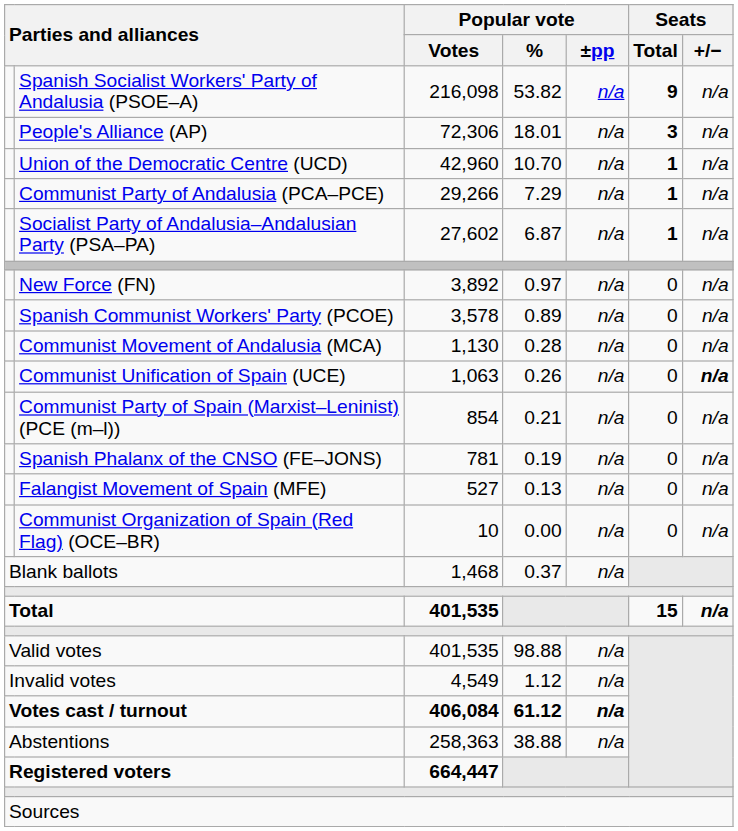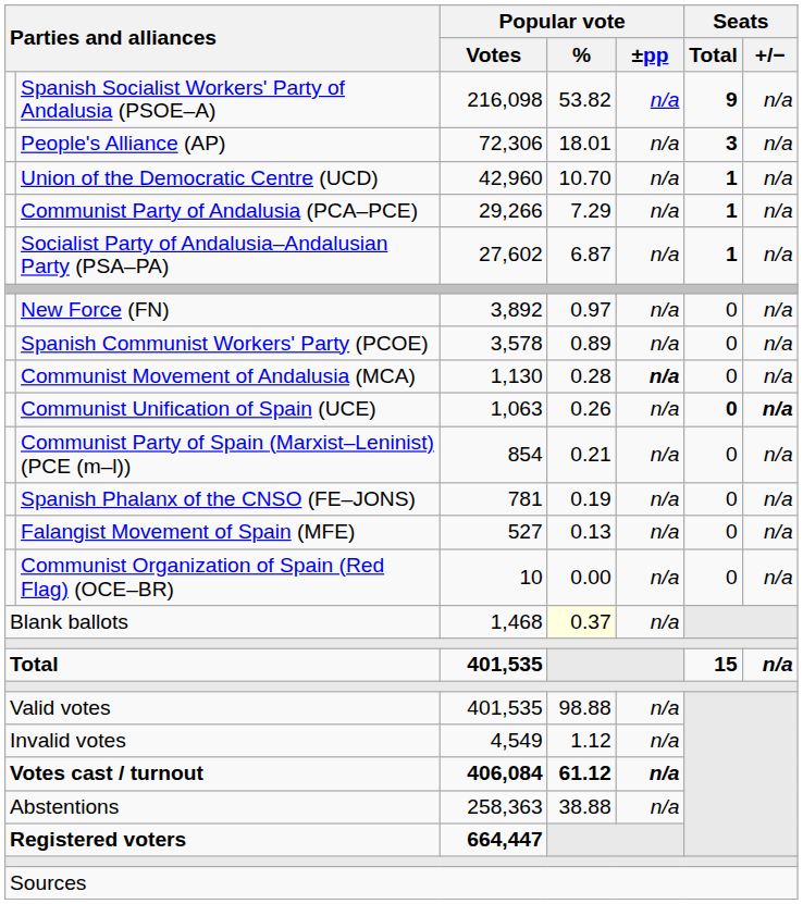 <table class="wikitable" style="text-align:right;">
 <tr>
 <th style="text-align:left;" rowspan="2" colspan="2" width="525">Parties and alliances</th>
 <th colspan="3">Popular vote</th>
 <th colspan="2">Seats</th>
 </tr>
 <tr>
 <th width="75">Votes</th>
 <th width="45">%</th>
 <th width="45">±<a href='#'>pp</a></th>
 <th width="35">Total</th>
 <th width="35">+/−</th>
 </tr>
 <tr>
 <td width="1" style="color:inherit;background:"></td>
 <td align="left"><a href='#'>Spanish Socialist Workers' Party of Andalusia</a> (PSOE–A)</td>
 <td>216,098</td>
 <td>53.82</td>
 <td><em><a href='#'>n/a</a></em></td>
 <td><strong>9</strong></td>
 <td><em>n/a</em></td>
 </tr>
 <tr>
 <td style="color:inherit;background:"></td>
 <td align="left"><a href='#'>People's Alliance</a> (AP)</td>
 <td>72,306</td>
 <td>18.01</td>
 <td><em>n/a</em></td>
 <td><strong>3</strong></td>
 <td><em>n/a</em></td>
 </tr>
 <tr>
 <td style="color:inherit;background:"></td>
 <td align="left"><a href='#'>Union of the Democratic Centre</a> (UCD)</td>
 <td>42,960</td>
 <td>10.70</td>
 <td><em>n/a</em></td>
 <td><strong>1</strong></td>
 <td><em>n/a</em></td>
 </tr>
 <tr>
 <td style="color:inherit;background:"></td>
 <td align="left"><a href='#'>Communist Party of Andalusia</a> (PCA–PCE)</td>
 <td>29,266</td>
 <td>7.29</td>
 <td><em>n/a</em></td>
 <td><strong>1</strong></td>
 <td><em>n/a</em></td>
 </tr>
 <tr>
 <td style="color:inherit;background:"></td>
 <td align="left"><a href='#'>Socialist Party of Andalusia–Andalusian Party</a> (PSA–PA)</td>
 <td>27,602</td>
 <td>6.87</td>
 <td><em>n/a</em></td>
 <td><strong>1</strong></td>
 <td><em>n/a</em></td>
 </tr>
 <tr>
 <td colspan="7" bgcolor="#C0C0C0"></td>
 </tr>
 <tr>
 <td style="color:inherit;background:"></td>
 <td align="left"><a href='#'>New Force</a> (FN)</td>
 <td>3,892</td>
 <td>0.97</td>
 <td><em>n/a</em></td>
 <td>0</td>
 <td><em>n/a</em></td>
 </tr>
 <tr>
 <td style="color:inherit;background:"></td>
 <td align="left"><a href='#'>Spanish Communist Workers' Party</a> (PCOE)</td>
 <td>3,578</td>
 <td>0.89</td>
 <td><em>n/a</em></td>
 <td>0</td>
 <td><em>n/a</em></td>
 </tr>
 <tr>
 <td style="color:inherit;background:"></td>
 <td align="left"><a href='#'>Communist Movement of Andalusia</a> (MCA)</td>
 <td>1,130</td>
 <td>0.28</td>
-<td><em>n/a</em></td>
+<td><strong><em>n/a</em></strong></td>
 <td>0</td>
 <td><em>n/a</em></td>
 </tr>
 <tr>
 <td style="color:inherit;background:"></td>
 <td align="left"><a href='#'>Communist Unification of Spain</a> (UCE)</td>
 <td>1,063</td>
 <td>0.26</td>
 <td><em>n/a</em></td>
-<td>0</td>
+<td><strong>0</strong></td>
 <td><strong><em>n/a</em></strong></td>
 </tr>
 <tr>
 <td style="color:inherit;background:"></td>
 <td align="left"><a href='#'>Communist Party of Spain (Marxist–Leninist)</a> (PCE (m–l))</td>
 <td>854</td>
 <td>0.21</td>
 <td><em>n/a</em></td>
 <td>0</td>
 <td><em>n/a</em></td>
 </tr>
 <tr>
 <td style="color:inherit;background:"></td>
 <td align="left"><a href='#'>Spanish Phalanx of the CNSO</a> (FE–JONS)</td>
 <td>781</td>
 <td>0.19</td>
 <td><em>n/a</em></td>
 <td>0</td>
 <td><em>n/a</em></td>
 </tr>
 <tr>
 <td style="color:inherit;background:"></td>
 <td align="left"><a href='#'>Falangist Movement of Spain</a> (MFE)</td>
 <td>527</td>
 <td>0.13</td>
 <td><em>n/a</em></td>
 <td>0</td>
 <td><em>n/a</em></td>
 </tr>
 <tr>
 <td style="color:inherit;background:"></td>
 <td align="left"><a href='#'>Communist Organization of Spain (Red Flag)</a> (OCE–BR)</td>
 <td>10</td>
 <td>0.00</td>
 <td><em>n/a</em></td>
 <td>0</td>
 <td><em>n/a</em></td>
 </tr>
 <tr>
 <td align="left" colspan="2">Blank ballots</td>
 <td>1,468</td>
-<td>0.37</td>
+<td style="background: lightyellow;">0.37</td>
 <td><em>n/a</em></td>
 <td bgcolor="#E9E9E9" colspan="2"></td>
 </tr>
 <tr>
 <td colspan="7" bgcolor="#E9E9E9"></td>
 </tr>
 <tr style="font-weight:bold;">
 <td align="left" colspan="2">Total</td>
 <td>401,535</td>
 <td bgcolor="#E9E9E9" colspan="2"></td>
 <td>15</td>
 <td><em>n/a</em></td>
 </tr>
 <tr>
 <td colspan="7" bgcolor="#E9E9E9"></td>
 </tr>
 <tr>
 <td align="left" colspan="2">Valid votes</td>
 <td>401,535</td>
 <td>98.88</td>
 <td><em>n/a</em></td>
 <td bgcolor="#E9E9E9" colspan="2" rowspan="5"></td>
 </tr>
 <tr>
 <td align="left" colspan="2">Invalid votes</td>
 <td>4,549</td>
 <td>1.12</td>
 <td><em>n/a</em></td>
 </tr>
 <tr style="font-weight:bold;">
 <td align="left" colspan="2">Votes cast / turnout</td>
 <td>406,084</td>
 <td>61.12</td>
 <td><em>n/a</em></td>
 </tr>
 <tr>
 <td align="left" colspan="2">Abstentions</td>
 <td>258,363</td>
 <td>38.88</td>
 <td><em>n/a</em></td>
 </tr>
 <tr style="font-weight:bold;">
 <td align="left" colspan="2">Registered voters</td>
 <td>664,447</td>
 <td bgcolor="#E9E9E9" colspan="2"></td>
 </tr>
 <tr>
 <td colspan="7" bgcolor="#E9E9E9"></td>
 </tr>
 <tr>
 <td align="left" colspan="7">Sources</td>
 </tr>
 </table>
